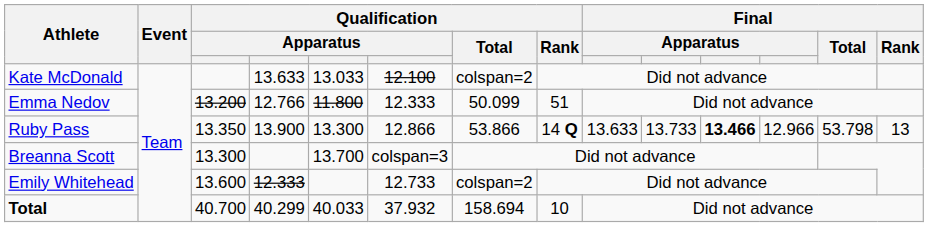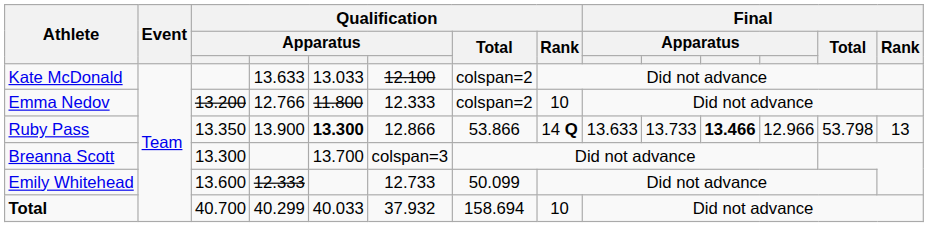 <table class=wikitable style=font-size:90%;text-align:center>
 <tr>
 <th rowspan=3>Athlete</th>
 <th rowspan=3>Event</th>
 <th colspan=6>Qualification</th>
 <th colspan=6>Final</th>
 </tr>
 <tr style=font-size:95%>
 <th colspan=4>Apparatus</th>
 <th rowspan=2>Total</th>
 <th rowspan=2>Rank</th>
 <th colspan=4>Apparatus</th>
 <th rowspan=2>Total</th>
 <th rowspan=2>Rank</th>
 </tr>
 <tr style=font-size:95%>
 <th></th>
 <th></th>
 <th></th>
 <th></th>
 <th></th>
 <th></th>
 <th></th>
 <th></th>
 </tr>
 <tr>
 <td align=left><a href='#'>Kate McDonald</a></td>
 <td align=left rowspan=6><a href='#'>Team</a></td>
 <td></td>
 <td>13.633</td>
 <td>13.033</td>
 <td><s>12.100</s></td>
 <td>colspan=2 </td>
 <td colspan=6>Did not advance</td>
 </tr>
 <tr>
 <td align=left><a href='#'>Emma Nedov</a></td>
 <td><s>13.200</s></td>
 <td>12.766</td>
 <td><s>11.800</s></td>
 <td>12.333</td>
-<td>50.099</td>
-<td>51</td>
+<td>colspan=2 </td>
+<td>10</td>
 <td colspan=6>Did not advance</td>
 </tr>
 <tr>
 <td align=left><a href='#'>Ruby Pass</a></td>
 <td>13.350</td>
 <td>13.900</td>
-<td>13.300</td>
+<td><strong>13.300</strong></td>
 <td>12.866</td>
 <td>53.866</td>
 <td>14 <strong>Q</strong></td>
 <td>13.633</td>
 <td>13.733</td>
 <td><strong>13.466</strong></td>
 <td>12.966</td>
 <td>53.798</td>
 <td>13</td>
 </tr>
 <tr>
 <td align=left><a href='#'>Breanna Scott</a></td>
 <td>13.300</td>
 <td></td>
 <td>13.700</td>
 <td>colspan=3 </td>
 <td colspan=6>Did not advance</td>
 </tr>
 <tr>
 <td align=left><a href='#'>Emily Whitehead</a></td>
 <td>13.600</td>
 <td><s>12.333</s></td>
 <td></td>
 <td>12.733</td>
-<td>colspan=2 </td>
+<td>50.099</td>
 <td colspan=6>Did not advance</td>
 </tr>
 <tr>
 <td align=left><strong>Total</strong></td>
 <td>40.700</td>
 <td>40.299</td>
 <td>40.033</td>
 <td>37.932</td>
 <td>158.694</td>
 <td>10</td>
 <td colspan=6>Did not advance</td>
 </tr>
 </table>
